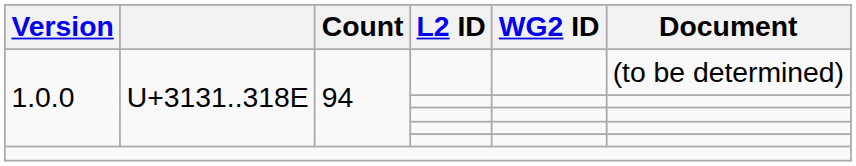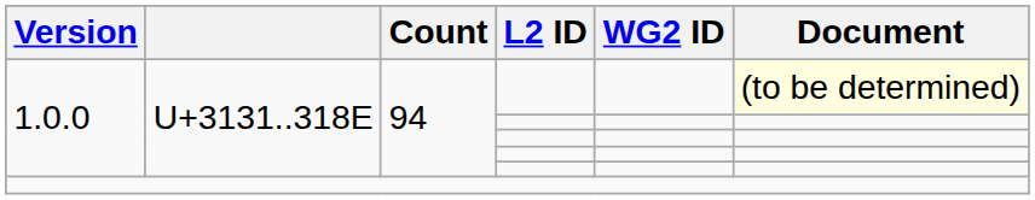 <table class="wikitable collapsible sticky-header">
 <tr>
 <th><a href='#'>Version</a></th>
 <th></th>
 <th>Count</th>
 <th><a href='#'>L2</a> ID</th>
 <th><a href='#'>WG2</a> ID</th>
 <th>Document</th>
 </tr>
 <tr>
 <td rowspan="5">1.0.0</td>
 <td rowspan="5">U+3131..318E</td>
 <td rowspan="5">94</td>
 <td></td>
 <td></td>
-<td>(to be determined)</td>
+<td style="background: lightyellow;">(to be determined)</td>
 </tr>
 <tr>
 <td></td>
 <td></td>
 <td></td>
 </tr>
 <tr>
 <td></td>
 <td></td>
 <td></td>
 </tr>
 <tr>
 <td></td>
 <td></td>
 <td></td>
 </tr>
 <tr>
 <td></td>
 <td></td>
 <td></td>
 </tr>
 <tr class="sortbottom">
 <td colspan="6"></td>
 </tr>
 </table>
